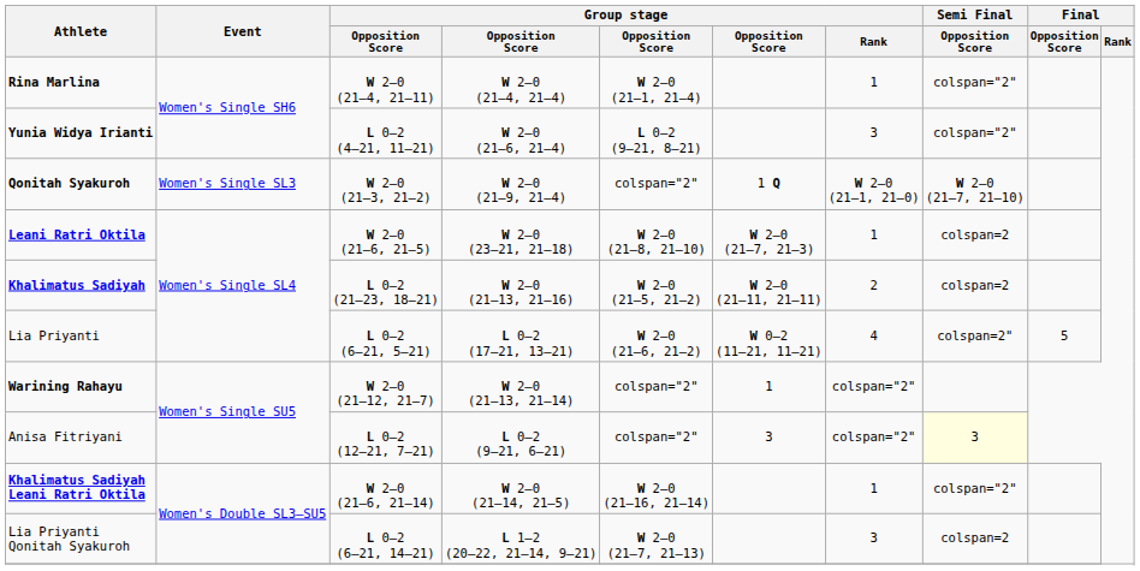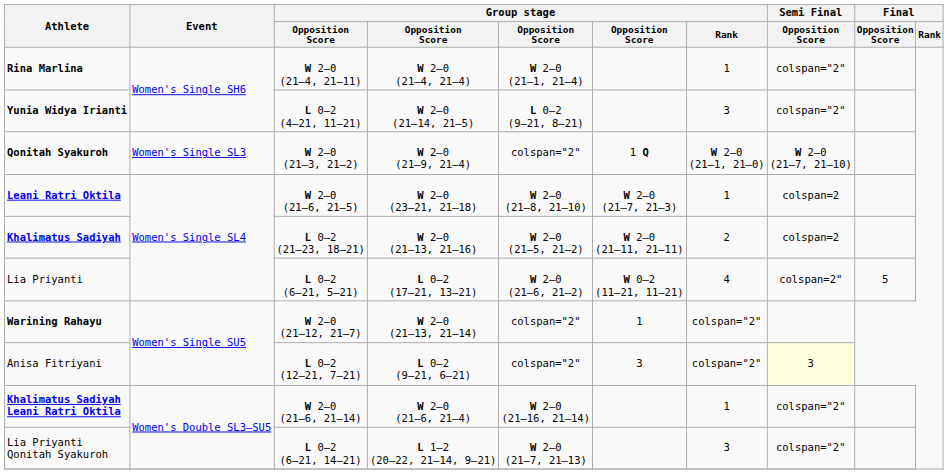 <table class="wikitable" style="font-size:85%; text-align:center">
 <tr>
 <th rowspan="2">Athlete</th>
 <th rowspan="2">Event</th>
 <th colspan="5">Group stage</th>
 <th colspan="1">Semi Final</th>
 <th colspan="2">Final</th>
 </tr>
 <tr style="font-size:90%">
 <th>Opposition<br>Score</th>
 <th>Opposition<br>Score</th>
 <th>Opposition<br>Score</th>
 <th>Opposition<br>Score</th>
 <th>Rank</th>
 <th>Opposition<br>Score</th>
 <th>Opposition<br>Score</th>
 <th>Rank</th>
 </tr>
 <tr>
 <td align="left"><strong>Rina Marlina</strong></td>
 <td align="left" rowspan="2"><a href='#'>Women's Single SH6</a></td>
 <td><br><strong>W</strong> 2–0<br>(21–4, 21–11)</td>
 <td><br><strong>W</strong> 2–0<br>(21–4, 21–4)</td>
 <td><br><strong>W</strong> 2–0<br>(21–1, 21–4)</td>
 <td></td>
 <td>1</td>
 <td>colspan="2" </td>
 <td></td>
 </tr>
 <tr>
 <td align="left"><strong>Yunia Widya Irianti</strong></td>
 <td><br><strong>L</strong> 0–2<br>(4–21, 11–21)</td>
-<td><br><strong>W</strong> 2–0<br>(21–6, 21–4)</td>
+<td><br><strong>W</strong> 2–0<br>(21–14, 21–5)</td>
 <td><br><strong>L</strong> 0–2<br>(9–21, 8–21)</td>
 <td></td>
 <td>3</td>
 <td>colspan="2" </td>
 <td></td>
 </tr>
 <tr>
 <td align="left"><strong>Qonitah Syakuroh</strong></td>
 <td align="left"><a href='#'>Women's Single SL3</a></td>
 <td><br><strong>W</strong> 2–0<br>(21–3, 21–2)</td>
 <td><br><strong>W</strong> 2–0<br>(21–9, 21–4)</td>
 <td>colspan="2"</td>
 <td>1 <strong>Q</strong></td>
 <td><br><strong>W</strong> 2–0<br>(21–1, 21–0)</td>
 <td><br><strong>W</strong> 2–0<br>(21–7, 21–10)</td>
 <td></td>
 </tr>
 <tr>
 <td align="left"><strong><a href='#'>Leani Ratri Oktila</a></strong></td>
 <td align="left" rowspan="3"><a href='#'>Women's Single SL4</a></td>
 <td><br><strong>W</strong> 2–0<br>(21–6, 21–5)</td>
 <td><br><strong>W</strong> 2–0<br>(23–21, 21–18)</td>
 <td><br><strong>W</strong> 2–0<br>(21–8, 21–10)</td>
 <td><br><strong>W</strong> 2–0<br>(21–7, 21–3)</td>
 <td>1</td>
 <td>colspan=2 </td>
 <td></td>
 </tr>
 <tr>
 <td align="left"><strong><a href='#'>Khalimatus Sadiyah</a></strong></td>
 <td><br><strong>L</strong> 0–2<br>(21–23, 18–21)</td>
 <td><br><strong>W</strong> 2–0<br>(21–13, 21–16)</td>
 <td><br><strong>W</strong> 2–0<br>(21–5, 21–2)</td>
 <td><br><strong>W</strong> 2–0<br>(21–11, 21–11)</td>
 <td>2</td>
 <td>colspan=2 </td>
 <td></td>
 </tr>
 <tr>
 <td align="left">Lia Priyanti</td>
 <td><br><strong>L</strong> 0–2<br>(6–21, 5–21)</td>
 <td><br><strong>L</strong> 0–2<br>(17–21, 13–21)</td>
 <td><br><strong>W</strong> 2–0<br>(21–6, 21–2)</td>
 <td><br><strong>W</strong> 0–2<br>(11–21, 11–21)</td>
 <td>4</td>
 <td>colspan=2" </td>
 <td>5</td>
 </tr>
 <tr>
 <td align="left"><strong>Warining Rahayu</strong></td>
 <td align="left" rowspan="2"><a href='#'>Women's Single SU5</a></td>
 <td><br><strong>W</strong> 2–0<br>(21–12, 21–7)</td>
 <td><br><strong>W</strong> 2–0<br>(21–13, 21–14)</td>
 <td>colspan="2" </td>
 <td>1</td>
 <td>colspan="2" </td>
 <td></td>
 </tr>
 <tr>
 <td align="left">Anisa Fitriyani</td>
 <td><br><strong>L</strong> 0–2<br>(12–21, 7–21)</td>
 <td><br><strong>L</strong> 0–2<br>(9–21, 6–21)</td>
 <td>colspan="2" </td>
 <td>3</td>
 <td>colspan="2" </td>
 <td style="background: lightyellow;">3</td>
 </tr>
 <tr>
 <td align="left"><strong><a href='#'>Khalimatus Sadiyah</a><br><a href='#'>Leani Ratri Oktila</a></strong></td>
 <td align="left" rowspan="2"><a href='#'>Women's Double SL3–SU5</a></td>
 <td><br><strong>W</strong> 2–0<br>(21–6, 21–14)</td>
-<td><br><strong>W</strong> 2–0<br>(21–14, 21–5)</td>
+<td><br><strong>W</strong> 2–0<br>(21–6, 21–4)</td>
 <td><br><strong>W</strong> 2–0<br>(21–16, 21–14)</td>
 <td></td>
 <td>1</td>
 <td>colspan="2" </td>
 <td></td>
 </tr>
 <tr>
 <td align="left">Lia Priyanti<br>Qonitah Syakuroh</td>
 <td><br><strong>L</strong> 0–2<br>(6–21, 14–21)</td>
 <td><br><strong>L</strong> 1–2<br>(20–22, 21–14, 9–21)</td>
 <td><br><strong>W</strong> 2–0<br>(21–7, 21–13)</td>
 <td></td>
 <td>3</td>
-<td>colspan=2 </td>
+<td>colspan="2" </td>
 <td></td>
 </tr>
 <tr>
 </tr>
 </table>
